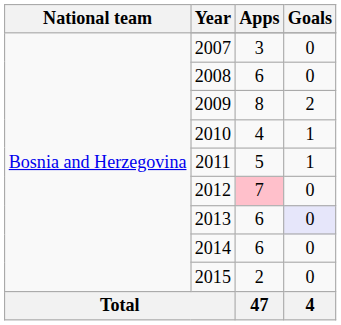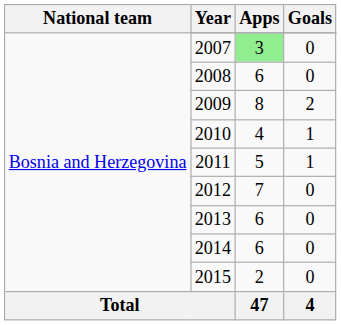 <table class="wikitable" style="text-align: center;">
 <tr>
 <th>National team</th>
 <th>Year</th>
 <th>Apps</th>
 <th>Goals</th>
 </tr>
 <tr>
 <td rowspan=10><a href='#'>Bosnia and Herzegovina</a></td>
 </tr>
 <tr>
 <td>2007</td>
-<td>3</td>
+<td style="background: lightgreen;">3</td>
 <td>0</td>
 </tr>
 <tr>
 <td>2008</td>
 <td>6</td>
 <td>0</td>
 </tr>
 <tr>
 <td>2009</td>
 <td>8</td>
 <td>2</td>
 </tr>
 <tr>
 <td>2010</td>
 <td>4</td>
 <td>1</td>
 </tr>
 <tr>
 <td>2011</td>
 <td>5</td>
 <td>1</td>
 </tr>
 <tr>
 <td>2012</td>
-<td style="background: pink;">7</td>
+<td>7</td>
 <td>0</td>
 </tr>
 <tr>
 <td>2013</td>
 <td>6</td>
-<td style="background: lavender;">0</td>
+<td>0</td>
 </tr>
 <tr>
 <td>2014</td>
 <td>6</td>
 <td>0</td>
 </tr>
 <tr>
 <td>2015</td>
 <td>2</td>
 <td>0</td>
 </tr>
 <tr>
 <th colspan=2>Total</th>
 <th>47</th>
 <th>4</th>
 </tr>
 </table>
